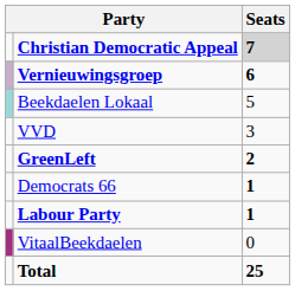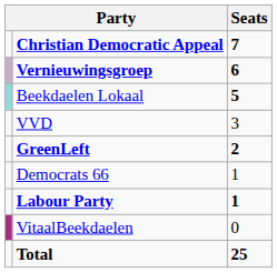 <table class="wikitable">
 <tr>
 <th colspan=2>Party</th>
 <th>Seats</th>
 </tr>
 <tr>
 <td style="color:inherit;background:"></td>
 <td><strong><a href='#'>Christian Democratic Appeal</a></strong></td>
-<td style="background: lightgrey;"><strong>7</strong></td>
+<td><strong>7</strong></td>
 </tr>
 <tr>
 <td bgcolor="C9AEC9"></td>
 <td><strong><a href='#'>Vernieuwingsgroep</a></strong></td>
 <td><strong>6</strong></td>
 </tr>
 <tr>
 <td bgcolor="97D9DB"></td>
 <td><a href='#'>Beekdaelen Lokaal</a></td>
-<td>5</td>
+<td><strong>5</strong></td>
 </tr>
 <tr>
 <td style="color:inherit;background:"></td>
 <td><a href='#'>VVD</a></td>
 <td>3</td>
 </tr>
 <tr>
 <td style="color:inherit;background:"></td>
 <td><strong><a href='#'>GreenLeft</a></strong></td>
 <td><strong>2</strong></td>
 </tr>
 <tr>
 <td style="color:inherit;background:"></td>
 <td><a href='#'>Democrats 66</a></td>
-<td><strong>1</strong></td>
+<td>1</td>
 </tr>
 <tr>
 <td style="color:inherit;background:"></td>
 <td><strong><a href='#'>Labour Party</a></strong></td>
 <td><strong>1</strong></td>
 </tr>
 <tr>
 <td bgcolor="A32D81"></td>
 <td><a href='#'>VitaalBeekdaelen</a></td>
 <td>0</td>
 </tr>
 <tr>
 <td></td>
 <td><strong>Total</strong></td>
 <td><strong>25</strong></td>
 </tr>
 </table>
